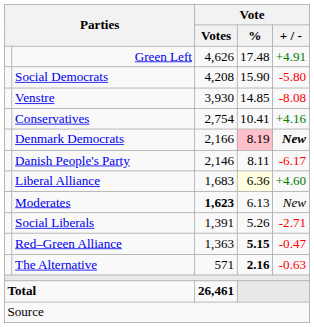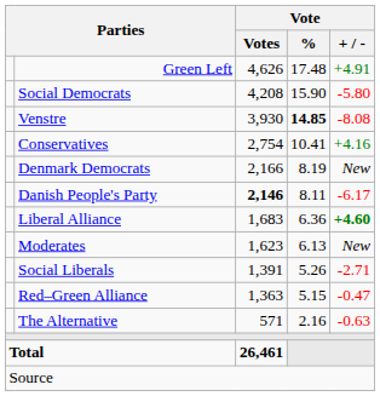 <table class="wikitable" style="text-align:right;">
 <tr>
 <th style="text-align:centre;" rowspan="2" colspan="2" width="225">Parties</th>
 <th colspan="3">Vote</th>
 </tr>
 <tr>
 <th width="15">Votes</th>
 <th width="15">%</th>
 <th width="15">+ / -</th>
 </tr>
 <tr>
 <td width=2 bgcolor=></td>
 <td><a href='#'>Green Left</a></td>
 <td>4,626</td>
 <td>17.48</td>
 <td style=color:green;>+4.91</td>
 </tr>
 <tr>
 <td width=2 bgcolor=></td>
 <td align=left><a href='#'>Social Democrats</a></td>
 <td>4,208</td>
 <td>15.90</td>
 <td style=color:red;>-5.80</td>
 </tr>
 <tr>
 <td width=2 bgcolor=></td>
 <td align=left><a href='#'>Venstre</a></td>
 <td>3,930</td>
-<td>14.85</td>
+<td><strong>14.85</strong></td>
 <td style=color:red;>-8.08</td>
 </tr>
 <tr>
 <td width=2 bgcolor=></td>
 <td align=left><a href='#'>Conservatives</a></td>
 <td>2,754</td>
 <td>10.41</td>
 <td style=color:green;>+4.16</td>
 </tr>
 <tr>
 <td width=2 bgcolor=></td>
 <td align=left><a href='#'>Denmark Democrats</a></td>
 <td>2,166</td>
-<td style="background: pink;">8.19</td>
-<td><strong><em>New</em></strong></td>
+<td>8.19</td>
+<td><em>New</em></td>
 </tr>
 <tr>
 <td width=2 bgcolor=></td>
 <td align=left><a href='#'>Danish People's Party</a></td>
-<td>2,146</td>
+<td><strong>2,146</strong></td>
 <td>8.11</td>
 <td style=color:red;>-6.17</td>
 </tr>
 <tr>
 <td width=2 bgcolor=></td>
 <td align=left><a href='#'>Liberal Alliance</a></td>
 <td>1,683</td>
-<td style="background: lightyellow;">6.36</td>
-<td style=color:green;>+4.60</td>
+<td>6.36</td>
+<td style=color:green;><strong>+4.60</strong></td>
 </tr>
 <tr>
 <td width=2 bgcolor=></td>
 <td align=left><a href='#'>Moderates</a></td>
-<td><strong>1,623</strong></td>
+<td>1,623</td>
 <td>6.13</td>
 <td><em>New</em></td>
 </tr>
 <tr>
 <td width=2 bgcolor=></td>
 <td align=left><a href='#'>Social Liberals</a></td>
 <td>1,391</td>
 <td>5.26</td>
 <td style=color:red;>-2.71</td>
 </tr>
 <tr>
 <td width=2 bgcolor=></td>
 <td align=left><a href='#'>Red–Green Alliance</a></td>
 <td>1,363</td>
-<td><strong>5.15</strong></td>
+<td>5.15</td>
 <td style=color:red;>-0.47</td>
 </tr>
 <tr>
 <td width=2 bgcolor=></td>
 <td align=left><a href='#'>The Alternative</a></td>
 <td>571</td>
-<td><strong>2.16</strong></td>
+<td>2.16</td>
 <td style=color:red;>-0.63</td>
 </tr>
 <tr>
 <td colspan="7" bgcolor="#E9E9E9"></td>
 </tr>
 <tr>
 <td align="left" colspan="2"><strong>Total</strong></td>
 <td><strong>26,461</strong></td>
 <td bgcolor=#E9E9E9 colspan=2></td>
 </tr>
 <tr>
 <td align="left" colspan="6">Source</td>
 </tr>
 </table>
